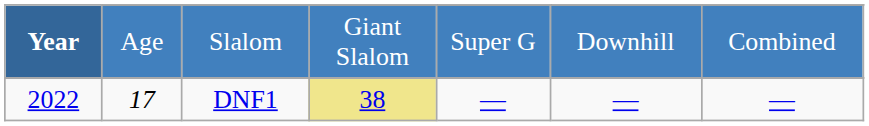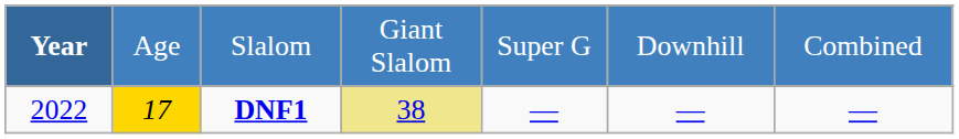 <table class="wikitable" style="font-size:95%; text-align:center; border:grey solid 1px; border-collapse:collapse;" width="40%">
 <tr style="background-color:#369; color:white;">
 <td rowspan="2" colspan="1" width="4%"><strong>Year</strong></td>
 </tr>
 <tr style="background-color:#4180be; color:white;">
 <td width="3%">Age</td>
 <td width="5%">Slalom</td>
 <td width="5%">Giant<br>Slalom</td>
 <td width="5%">Super G</td>
 <td width="5%">Downhill</td>
 <td width="5%">Combined</td>
 </tr>
 <tr style="background-color:#8CB2D8; color:white;">
 </tr>
 <tr>
 <td><a href='#'>2022</a></td>
-<td><em>17</em></td>
-<td><a href='#'>DNF1</a></td>
+<td style="background: gold;"><em>17</em></td>
+<td><strong><a href='#'>DNF1</a></strong></td>
 <td style="background: khaki;"><a href='#'>38</a></td>
 <td><a href='#'>—</a></td>
 <td><a href='#'>—</a></td>
 <td><a href='#'>—</a></td>
 </tr>
 </table>
